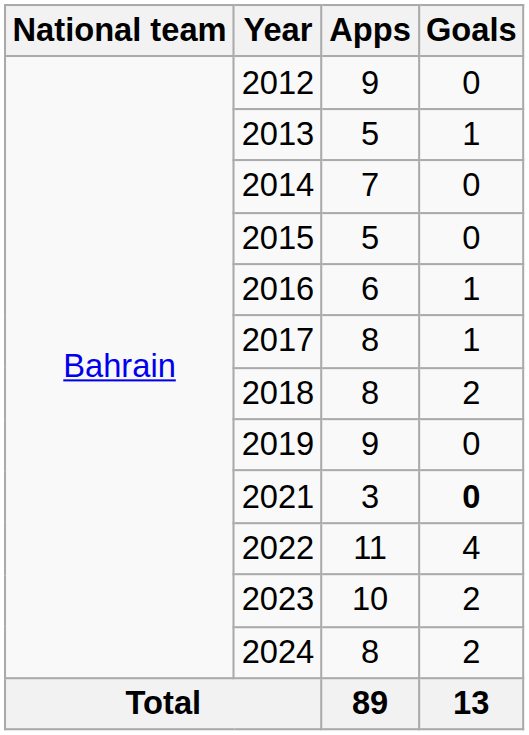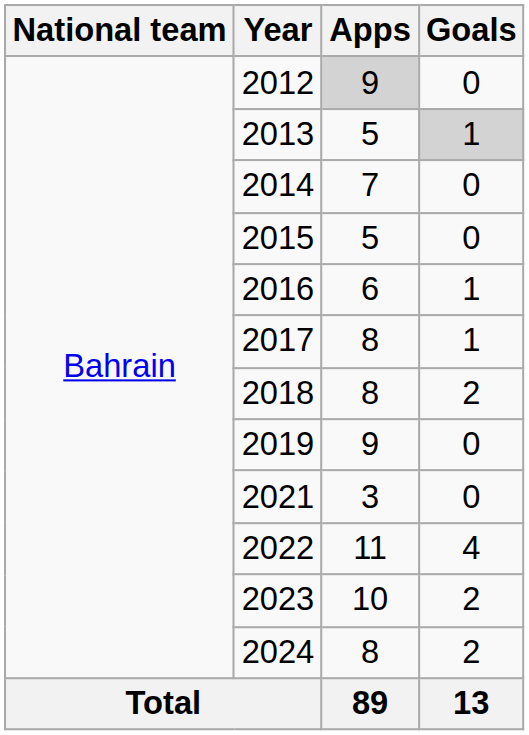 <table class="wikitable" style="text-align:center">
 <tr>
 <th>National team</th>
 <th>Year</th>
 <th>Apps</th>
 <th>Goals</th>
 </tr>
 <tr>
 <td rowspan="12"><a href='#'>Bahrain</a></td>
 <td>2012</td>
-<td>9</td>
+<td style="background: lightgrey;">9</td>
 <td>0</td>
 </tr>
 <tr>
 <td>2013</td>
 <td>5</td>
-<td>1</td>
+<td style="background: lightgrey;">1</td>
 </tr>
 <tr>
 <td>2014</td>
 <td>7</td>
 <td>0</td>
 </tr>
 <tr>
 <td>2015</td>
 <td>5</td>
 <td>0</td>
 </tr>
 <tr>
 <td>2016</td>
 <td>6</td>
 <td>1</td>
 </tr>
 <tr>
 <td>2017</td>
 <td>8</td>
 <td>1</td>
 </tr>
 <tr>
 <td>2018</td>
 <td>8</td>
 <td>2</td>
 </tr>
 <tr>
 <td>2019</td>
 <td>9</td>
 <td>0</td>
 </tr>
 <tr>
 <td>2021</td>
 <td>3</td>
-<td><strong>0</strong></td>
+<td>0</td>
 </tr>
 <tr>
 <td>2022</td>
 <td>11</td>
 <td>4</td>
 </tr>
 <tr>
 <td>2023</td>
 <td>10</td>
 <td>2</td>
 </tr>
 <tr>
 <td>2024</td>
 <td>8</td>
 <td>2</td>
 </tr>
 <tr>
 <th colspan="2">Total</th>
 <th>89</th>
 <th>13</th>
 </tr>
 </table>
